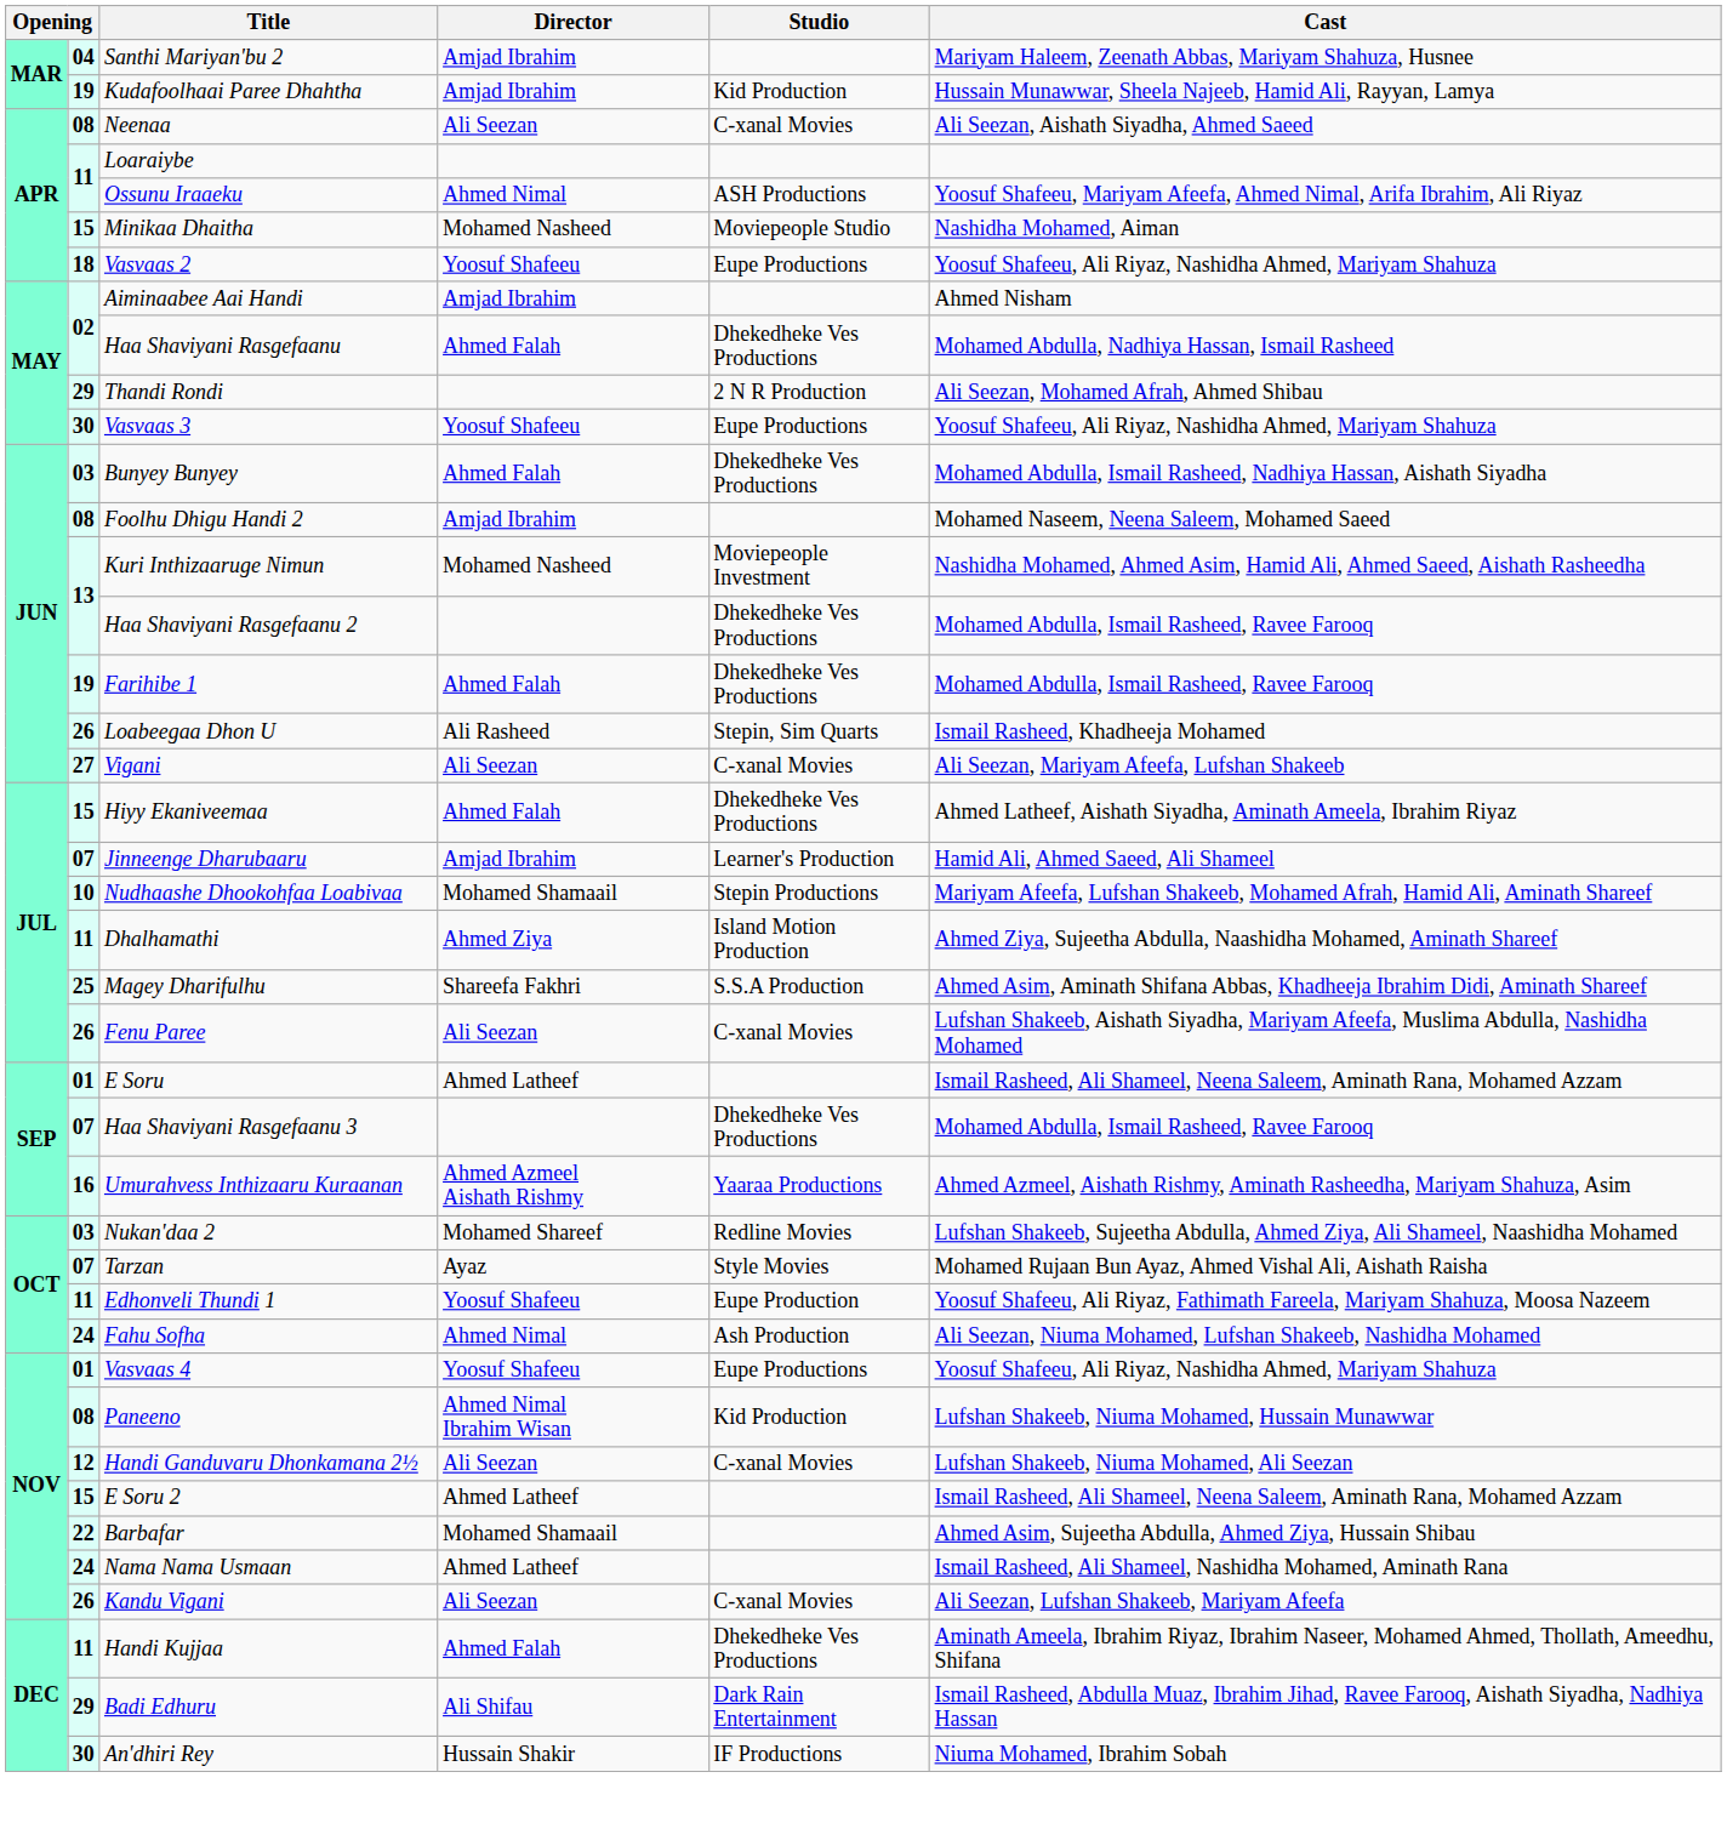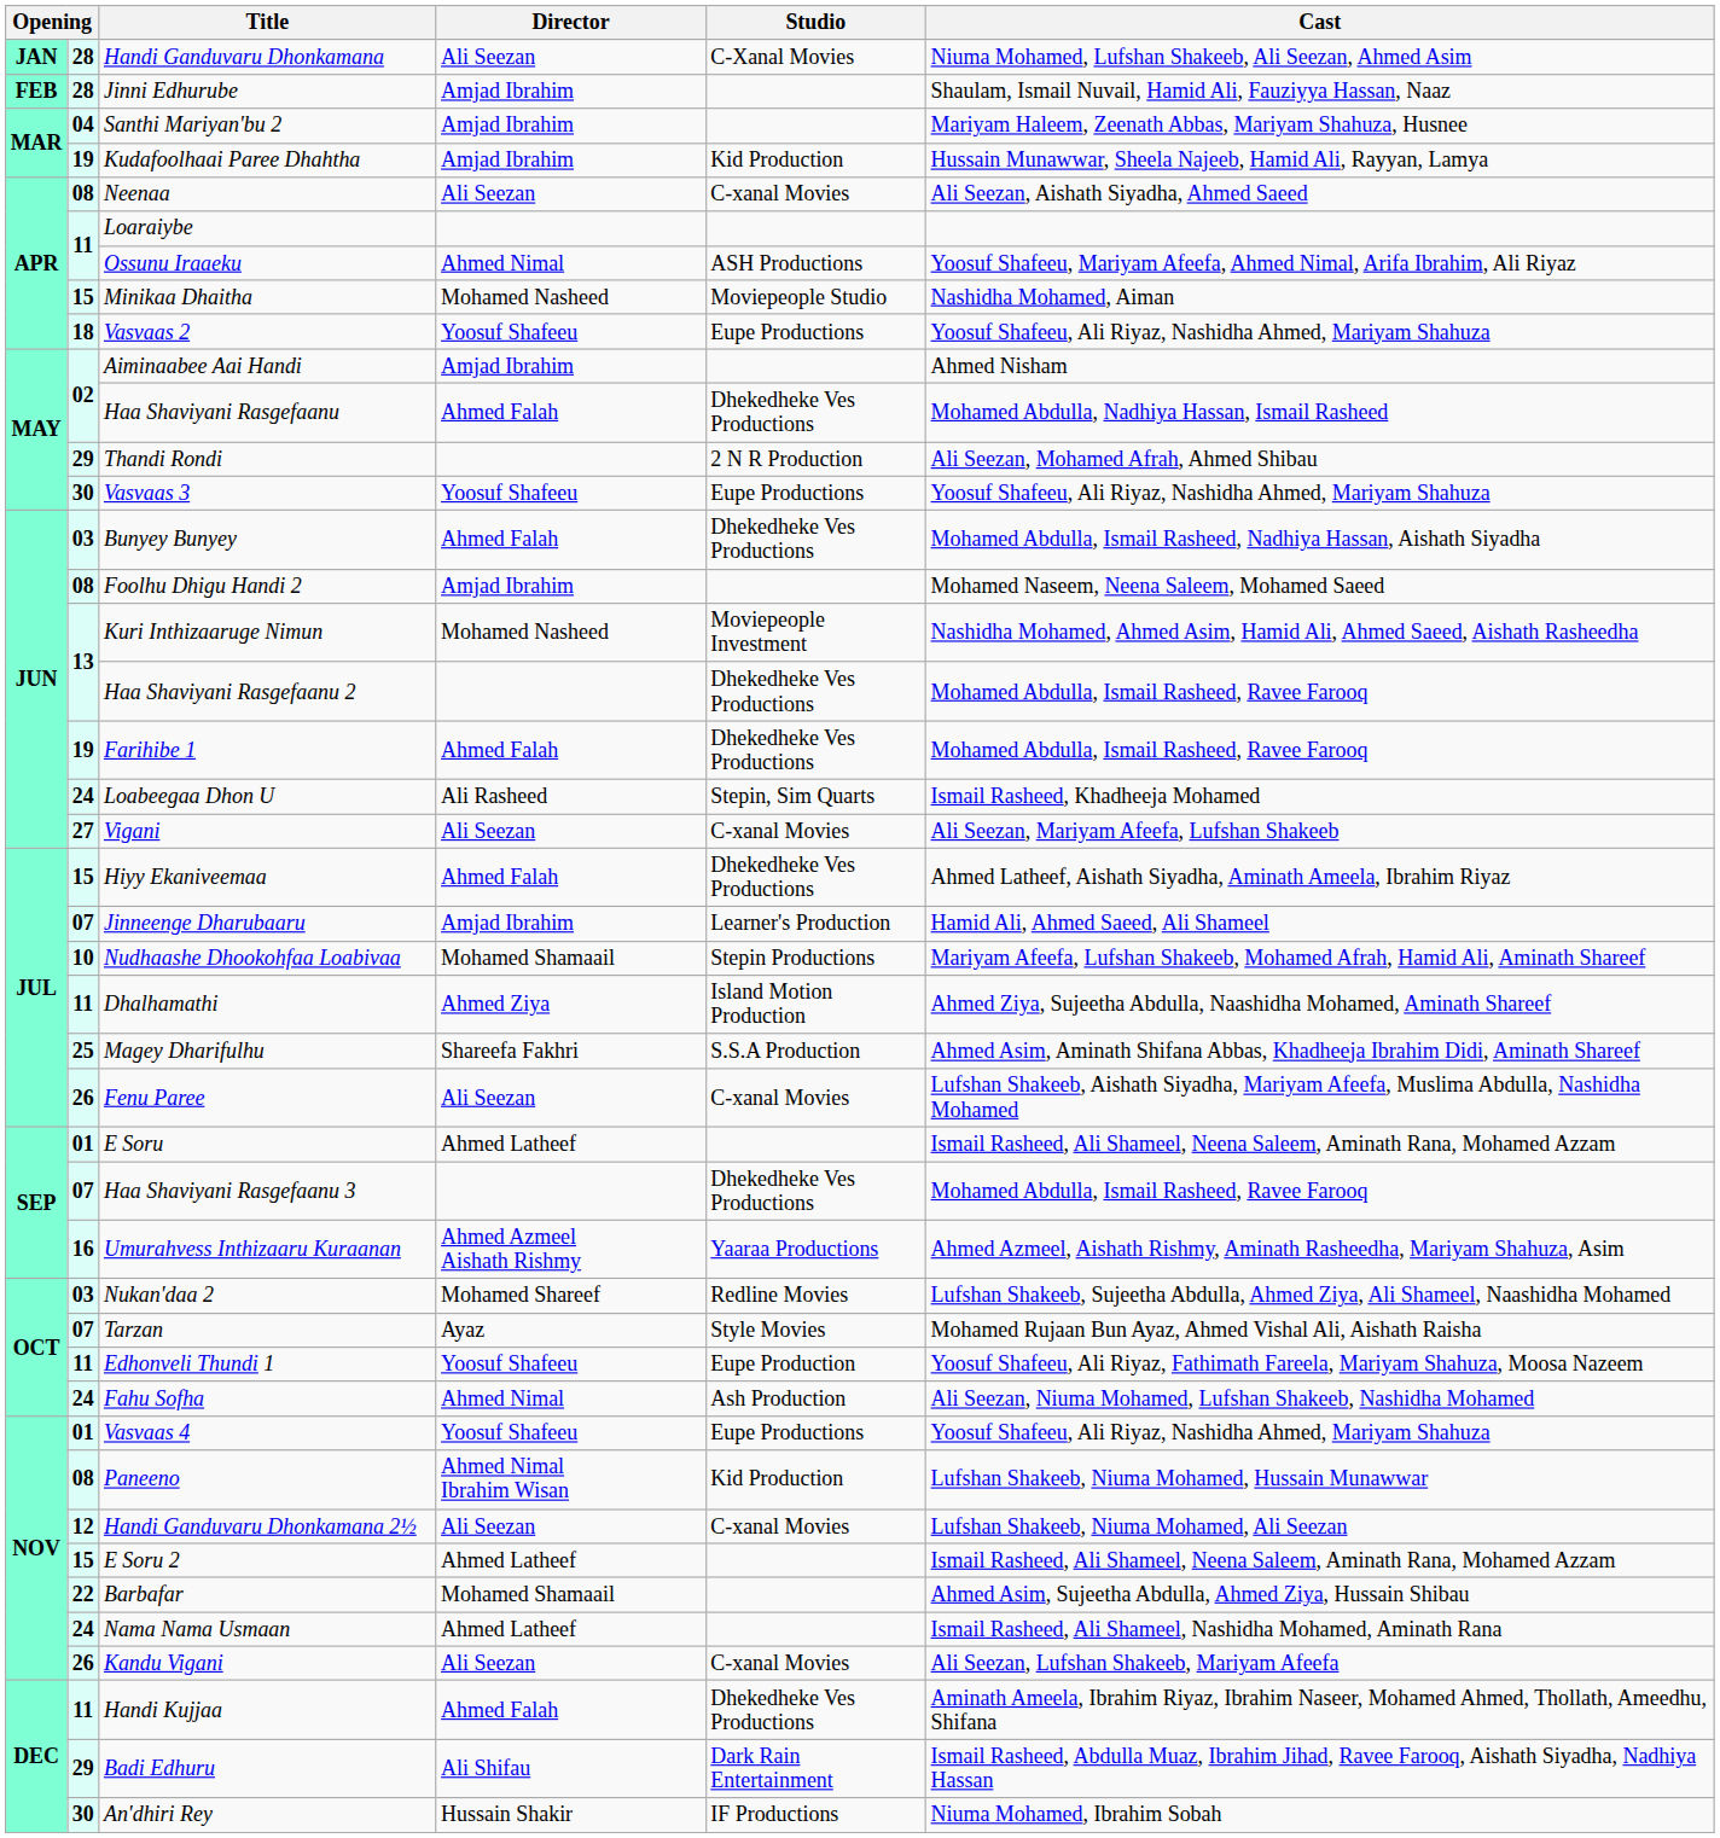 <table class="wikitable plainrowheaders" width="100%">
 <tr>
 <th scope="col" colspan="2" width=4%>Opening</th>
 <th scope="col" width=20%>Title</th>
 <th scope="col" width=16%>Director</th>
 <th scope="col" width=13%>Studio</th>
 <th scope="col" width=47%>Cast</th>
+</tr>
+<tr>
+<td style="text-align:center; background:#7FFFD4; textcolor:#000;"><strong>JAN</strong></td>
+<td style="text-align:center; background:#dbfff8;"><strong>28</strong></td>
+<td><em><a href='#'>Handi Ganduvaru Dhonkamana</a></em></td>
+<td><a href='#'>Ali Seezan</a></td>
+<td>C-Xanal Movies</td>
+<td><a href='#'>Niuma Mohamed</a>, <a href='#'>Lufshan Shakeeb</a>, <a href='#'>Ali Seezan</a>, <a href='#'>Ahmed Asim</a></td>
+</tr>
+<tr>
+<td style="text-align:center; background:#7FFFD4; textcolor:#000;"><strong>FEB</strong></td>
+<td style="text-align:center; background:#dbfff8;"><strong>28</strong></td>
+<td><em>Jinni Edhurube</em></td>
+<td><a href='#'>Amjad Ibrahim</a></td>
+<td></td>
+<td>Shaulam, Ismail Nuvail, <a href='#'>Hamid Ali</a>, <a href='#'>Fauziyya Hassan</a>, Naaz</td>
 </tr>
 <tr>
 <td style="text-align:center; background:#7FFFD4; textcolor:#000;" rowspan="2"><strong>MAR</strong></td>
 <td style="text-align:center; background:#dbfff8;"><strong>04</strong></td>
 <td><em>Santhi Mariyan'bu 2</em></td>
 <td><a href='#'>Amjad Ibrahim</a></td>
 <td></td>
 <td><a href='#'>Mariyam Haleem</a>, <a href='#'>Zeenath Abbas</a>, <a href='#'>Mariyam Shahuza</a>, Husnee</td>
 </tr>
 <tr>
 <td style="text-align:center; background:#dbfff8;"><strong>19</strong></td>
 <td><em>Kudafoolhaai Paree Dhahtha</em></td>
 <td><a href='#'>Amjad Ibrahim</a></td>
 <td>Kid Production</td>
 <td><a href='#'>Hussain Munawwar</a>, <a href='#'>Sheela Najeeb</a>, <a href='#'>Hamid Ali</a>, Rayyan, Lamya</td>
 </tr>
 <tr>
 <td style="text-align:center; background:#7FFFD4; textcolor:#000;" rowspan="5"><strong>APR</strong></td>
 <td style="text-align:center; background:#dbfff8;"><strong>08</strong></td>
 <td><em>Neenaa</em></td>
 <td><a href='#'>Ali Seezan</a></td>
 <td>C-xanal Movies</td>
 <td><a href='#'>Ali Seezan</a>, Aishath Siyadha, <a href='#'>Ahmed Saeed</a></td>
 </tr>
 <tr>
 <td style="text-align:center; background:#dbfff8;" rowspan="2"><strong>11</strong></td>
 <td><em>Loaraiybe</em></td>
 <td></td>
 <td></td>
 <td></td>
 </tr>
 <tr>
 <td><em><a href='#'>Ossunu Iraaeku</a></em></td>
 <td><a href='#'>Ahmed Nimal</a></td>
 <td>ASH Productions</td>
 <td><a href='#'>Yoosuf Shafeeu</a>, <a href='#'>Mariyam Afeefa</a>, <a href='#'>Ahmed Nimal</a>, <a href='#'>Arifa Ibrahim</a>, Ali Riyaz</td>
 </tr>
 <tr>
 <td style="text-align:center; background:#dbfff8;"><strong>15</strong></td>
 <td><em>Minikaa Dhaitha</em></td>
 <td>Mohamed Nasheed</td>
 <td>Moviepeople Studio</td>
 <td><a href='#'>Nashidha Mohamed</a>, Aiman</td>
 </tr>
 <tr>
 <td style="text-align:center; background:#dbfff8;"><strong>18</strong></td>
 <td><a href='#'><em>Vasvaas 2</em></a></td>
 <td><a href='#'>Yoosuf Shafeeu</a></td>
 <td>Eupe Productions</td>
 <td><a href='#'>Yoosuf Shafeeu</a>, Ali Riyaz, Nashidha Ahmed, <a href='#'>Mariyam Shahuza</a></td>
 </tr>
 <tr>
 <td style="text-align:center; background:#7FFFD4; textcolor:#000;" rowspan="4"><strong>MAY</strong></td>
 <td style="text-align:center; background:#dbfff8;" rowspan="2"><strong>02</strong></td>
 <td><em>Aiminaabee Aai Handi</em></td>
 <td><a href='#'>Amjad Ibrahim</a></td>
 <td></td>
 <td>Ahmed Nisham</td>
 </tr>
 <tr>
 <td><em>Haa Shaviyani Rasgefaanu</em></td>
 <td><a href='#'>Ahmed Falah</a></td>
 <td>Dhekedheke Ves Productions</td>
 <td><a href='#'>Mohamed Abdulla</a>, <a href='#'>Nadhiya Hassan</a>, <a href='#'>Ismail Rasheed</a></td>
 </tr>
 <tr>
 <td style="text-align:center; background:#dbfff8;"><strong>29</strong></td>
 <td><em>Thandi Rondi</em></td>
 <td></td>
 <td>2 N R Production</td>
 <td><a href='#'>Ali Seezan</a>, <a href='#'>Mohamed Afrah</a>, Ahmed Shibau</td>
 </tr>
 <tr>
 <td style="text-align:center; background:#dbfff8;"><strong>30</strong></td>
 <td><a href='#'><em>Vasvaas 3</em></a></td>
 <td><a href='#'>Yoosuf Shafeeu</a></td>
 <td>Eupe Productions</td>
 <td><a href='#'>Yoosuf Shafeeu</a>, Ali Riyaz, Nashidha Ahmed, <a href='#'>Mariyam Shahuza</a></td>
 </tr>
 <tr>
 <td rowspan="7" style="text-align:center; background:#7FFFD4; textcolor:#000;"><strong>JUN</strong></td>
 <td style="text-align:center; background:#dbfff8;"><strong>03</strong></td>
 <td><em>Bunyey Bunyey</em></td>
 <td><a href='#'>Ahmed Falah</a></td>
 <td>Dhekedheke Ves Productions</td>
 <td><a href='#'>Mohamed Abdulla</a>, <a href='#'>Ismail Rasheed</a>, <a href='#'>Nadhiya Hassan</a>, Aishath Siyadha</td>
 </tr>
 <tr>
 <td style="text-align:center; background:#dbfff8;"><strong>08</strong></td>
 <td><em>Foolhu Dhigu Handi 2</em></td>
 <td><a href='#'>Amjad Ibrahim</a></td>
 <td></td>
 <td>Mohamed Naseem, <a href='#'>Neena Saleem</a>, Mohamed Saeed</td>
 </tr>
 <tr>
 <td style="text-align:center; background:#dbfff8;" rowspan="2"><strong>13</strong></td>
 <td><em>Kuri Inthizaaruge Nimun</em></td>
 <td>Mohamed Nasheed</td>
 <td>Moviepeople Investment</td>
 <td><a href='#'>Nashidha Mohamed</a>, <a href='#'>Ahmed Asim</a>, <a href='#'>Hamid Ali</a>, <a href='#'>Ahmed Saeed</a>, <a href='#'>Aishath Rasheedha</a></td>
 </tr>
 <tr>
 <td><em>Haa Shaviyani Rasgefaanu 2</em></td>
 <td></td>
 <td>Dhekedheke Ves Productions</td>
 <td><a href='#'>Mohamed Abdulla</a>, <a href='#'>Ismail Rasheed</a>, <a href='#'>Ravee Farooq</a></td>
 </tr>
 <tr>
 <td style="text-align:center; background:#dbfff8;"><strong>19</strong></td>
 <td><em><a href='#'>Farihibe 1</a></em></td>
 <td><a href='#'>Ahmed Falah</a></td>
 <td>Dhekedheke Ves Productions</td>
 <td><a href='#'>Mohamed Abdulla</a>, <a href='#'>Ismail Rasheed</a>, <a href='#'>Ravee Farooq</a></td>
 </tr>
 <tr>
-<td style="text-align:center; background:#dbfff8;"><strong>26</strong></td>
+<td style="text-align:center; background:#dbfff8;"><strong>24</strong></td>
 <td><em>Loabeegaa Dhon U</em></td>
 <td>Ali Rasheed</td>
 <td>Stepin, Sim Quarts</td>
 <td><a href='#'>Ismail Rasheed</a>, Khadheeja Mohamed</td>
 </tr>
 <tr>
 <td style="text-align:center; background:#dbfff8;"><strong>27</strong></td>
 <td><em><a href='#'>Vigani</a></em></td>
 <td><a href='#'>Ali Seezan</a></td>
 <td>C-xanal Movies</td>
 <td><a href='#'>Ali Seezan</a>, <a href='#'>Mariyam Afeefa</a>, <a href='#'>Lufshan Shakeeb</a></td>
 </tr>
 <tr>
 <td style="text-align:center; background:#7FFFD4; textcolor:#000;" rowspan="6"><strong>JUL</strong></td>
 <td style="text-align:center; background:#dbfff8;"><strong>15</strong></td>
 <td><em>Hiyy Ekaniveemaa</em></td>
 <td><a href='#'>Ahmed Falah</a></td>
 <td>Dhekedheke Ves Productions</td>
 <td>Ahmed Latheef, Aishath Siyadha, <a href='#'>Aminath Ameela</a>, Ibrahim Riyaz</td>
 </tr>
 <tr>
 <td style="text-align:center; background:#dbfff8;"><strong>07</strong></td>
 <td><em><a href='#'>Jinneenge Dharubaaru</a></em></td>
 <td><a href='#'>Amjad Ibrahim</a></td>
 <td>Learner's Production</td>
 <td><a href='#'>Hamid Ali</a>, <a href='#'>Ahmed Saeed</a>, <a href='#'>Ali Shameel</a></td>
 </tr>
 <tr>
 <td style="text-align:center; background:#dbfff8;"><strong>10</strong></td>
 <td><em><a href='#'>Nudhaashe Dhookohfaa Loabivaa</a></em></td>
 <td>Mohamed Shamaail</td>
 <td>Stepin Productions</td>
 <td><a href='#'>Mariyam Afeefa</a>, <a href='#'>Lufshan Shakeeb</a>, <a href='#'>Mohamed Afrah</a>, <a href='#'>Hamid Ali</a>, <a href='#'>Aminath Shareef</a></td>
 </tr>
 <tr>
 <td style="text-align:center; background:#dbfff8;"><strong>11</strong></td>
 <td><em>Dhalhamathi</em></td>
 <td><a href='#'>Ahmed Ziya</a></td>
 <td>Island Motion Production</td>
 <td><a href='#'>Ahmed Ziya</a>, Sujeetha Abdulla, Naashidha Mohamed, <a href='#'>Aminath Shareef</a></td>
 </tr>
 <tr>
 <td style="text-align:center; background:#dbfff8;"><strong>25</strong></td>
 <td><em>Magey Dharifulhu</em></td>
 <td>Shareefa Fakhri</td>
 <td>S.S.A Production</td>
 <td><a href='#'>Ahmed Asim</a>, Aminath Shifana Abbas, <a href='#'>Khadheeja Ibrahim Didi</a>, <a href='#'>Aminath Shareef</a></td>
 </tr>
 <tr>
 <td style="text-align:center; background:#dbfff8;"><strong>26</strong></td>
 <td><em><a href='#'>Fenu Paree</a></em></td>
 <td><a href='#'>Ali Seezan</a></td>
 <td>C-xanal Movies</td>
 <td><a href='#'>Lufshan Shakeeb</a>, Aishath Siyadha, <a href='#'>Mariyam Afeefa</a>, Muslima Abdulla, <a href='#'>Nashidha Mohamed</a></td>
 </tr>
 <tr>
 <td rowspan="3" style="text-align:center; background:#7FFFD4; textcolor:#000;"><strong>SEP</strong></td>
 <td style="text-align:center; background:#dbfff8;"><strong>01</strong></td>
 <td><em>E Soru</em></td>
 <td>Ahmed Latheef</td>
 <td></td>
 <td><a href='#'>Ismail Rasheed</a>, <a href='#'>Ali Shameel</a>, <a href='#'>Neena Saleem</a>, Aminath Rana, Mohamed Azzam</td>
 </tr>
 <tr>
 <td style="text-align:center; background:#dbfff8;"><strong>07</strong></td>
 <td><em>Haa Shaviyani Rasgefaanu 3</em></td>
 <td></td>
 <td>Dhekedheke Ves Productions</td>
 <td><a href='#'>Mohamed Abdulla</a>, <a href='#'>Ismail Rasheed</a>, <a href='#'>Ravee Farooq</a></td>
 </tr>
 <tr>
 <td style="text-align:center; background:#dbfff8;"><strong>16</strong></td>
 <td><em><a href='#'>Umurahvess Inthizaaru Kuraanan</a></em></td>
 <td><a href='#'>Ahmed Azmeel</a><br><a href='#'>Aishath Rishmy</a></td>
 <td><a href='#'>Yaaraa Productions</a></td>
 <td><a href='#'>Ahmed Azmeel</a>, <a href='#'>Aishath Rishmy</a>, <a href='#'>Aminath Rasheedha</a>, <a href='#'>Mariyam Shahuza</a>, Asim</td>
 </tr>
 <tr>
 <td style="text-align:center; background:#7FFFD4; textcolor:#000;" rowspan="4"><strong>OCT</strong></td>
 <td style="text-align:center; background:#dbfff8;"><strong>03</strong></td>
 <td><em>Nukan'daa 2</em></td>
 <td>Mohamed Shareef</td>
 <td>Redline Movies</td>
 <td><a href='#'>Lufshan Shakeeb</a>, Sujeetha Abdulla, <a href='#'>Ahmed Ziya</a>, <a href='#'>Ali Shameel</a>, Naashidha Mohamed</td>
 </tr>
 <tr>
 <td style="text-align:center; background:#dbfff8;"><strong>07</strong></td>
 <td><em>Tarzan</em></td>
 <td>Ayaz</td>
 <td>Style Movies</td>
 <td>Mohamed Rujaan Bun Ayaz, Ahmed Vishal Ali, Aishath Raisha</td>
 </tr>
 <tr>
 <td style="text-align:center; background:#dbfff8;"><strong>11</strong></td>
 <td><em><a href='#'>Edhonveli Thundi</a> 1</em></td>
 <td><a href='#'>Yoosuf Shafeeu</a></td>
 <td>Eupe Production</td>
 <td><a href='#'>Yoosuf Shafeeu</a>, Ali Riyaz, <a href='#'>Fathimath Fareela</a>, <a href='#'>Mariyam Shahuza</a>, Moosa Nazeem</td>
 </tr>
 <tr>
 <td style="text-align:center; background:#dbfff8;"><strong>24</strong></td>
 <td><em><a href='#'>Fahu Sofha</a></em></td>
 <td><a href='#'>Ahmed Nimal</a></td>
 <td>Ash Production</td>
 <td><a href='#'>Ali Seezan</a>, <a href='#'>Niuma Mohamed</a>, <a href='#'>Lufshan Shakeeb</a>, <a href='#'>Nashidha Mohamed</a></td>
 </tr>
 <tr>
 <td style="text-align:center; background:#7FFFD4; textcolor:#000;" rowspan="7"><strong>NOV</strong></td>
 <td style="text-align:center; background:#dbfff8;"><strong>01</strong></td>
 <td><em><a href='#'>Vasvaas 4</a></em></td>
 <td><a href='#'>Yoosuf Shafeeu</a></td>
 <td>Eupe Productions</td>
 <td><a href='#'>Yoosuf Shafeeu</a>, Ali Riyaz, Nashidha Ahmed, <a href='#'>Mariyam Shahuza</a></td>
 </tr>
 <tr>
 <td style="text-align:center; background:#dbfff8;"><strong>08</strong></td>
 <td><em><a href='#'>Paneeno</a></em></td>
 <td><a href='#'>Ahmed Nimal</a><br><a href='#'>Ibrahim Wisan</a></td>
 <td>Kid Production</td>
 <td><a href='#'>Lufshan Shakeeb</a>, <a href='#'>Niuma Mohamed</a>, <a href='#'>Hussain Munawwar</a></td>
 </tr>
 <tr>
 <td style="text-align:center; background:#dbfff8;"><strong>12</strong></td>
 <td><em><a href='#'>Handi Ganduvaru Dhonkamana 2½</a></em></td>
 <td><a href='#'>Ali Seezan</a></td>
 <td>C-xanal Movies</td>
 <td><a href='#'>Lufshan Shakeeb</a>, <a href='#'>Niuma Mohamed</a>, <a href='#'>Ali Seezan</a></td>
 </tr>
 <tr>
 <td style="text-align:center; background:#dbfff8;"><strong>15</strong></td>
 <td><em>E Soru 2</em></td>
 <td>Ahmed Latheef</td>
 <td></td>
 <td><a href='#'>Ismail Rasheed</a>, <a href='#'>Ali Shameel</a>, <a href='#'>Neena Saleem</a>, Aminath Rana, Mohamed Azzam</td>
 </tr>
 <tr>
 <td style="text-align:center; background:#dbfff8;"><strong>22</strong></td>
 <td><em>Barbafar</em></td>
 <td>Mohamed Shamaail</td>
 <td></td>
 <td><a href='#'>Ahmed Asim</a>, Sujeetha Abdulla, <a href='#'>Ahmed Ziya</a>, Hussain Shibau</td>
 </tr>
 <tr>
 <td style="text-align:center; background:#dbfff8;"><strong>24</strong></td>
 <td><em>Nama Nama Usmaan</em></td>
 <td>Ahmed Latheef</td>
 <td></td>
 <td><a href='#'>Ismail Rasheed</a>, <a href='#'>Ali Shameel</a>, Nashidha Mohamed, Aminath Rana</td>
 </tr>
 <tr>
 <td style="text-align:center; background:#dbfff8;"><strong>26</strong></td>
 <td><em><a href='#'>Kandu Vigani</a></em></td>
 <td><a href='#'>Ali Seezan</a></td>
 <td>C-xanal Movies</td>
 <td><a href='#'>Ali Seezan</a>, <a href='#'>Lufshan Shakeeb</a>, <a href='#'>Mariyam Afeefa</a></td>
 </tr>
 <tr>
 <td rowspan="3" style="text-align:center; background:#7FFFD4; textcolor:#000;"><strong>DEC</strong></td>
 <td style="text-align:center; background:#dbfff8;"><strong>11</strong></td>
 <td><em>Handi Kujjaa</em></td>
 <td><a href='#'>Ahmed Falah</a></td>
 <td>Dhekedheke Ves Productions</td>
 <td><a href='#'>Aminath Ameela</a>, Ibrahim Riyaz, Ibrahim Naseer, Mohamed Ahmed, Thollath, Ameedhu, Shifana</td>
 </tr>
 <tr>
 <td style="text-align:center; background:#dbfff8;"><strong>29</strong></td>
 <td><em><a href='#'>Badi Edhuru</a></em></td>
 <td><a href='#'>Ali Shifau</a></td>
 <td><a href='#'>Dark Rain Entertainment</a></td>
 <td><a href='#'>Ismail Rasheed</a>, <a href='#'>Abdulla Muaz</a>, <a href='#'>Ibrahim Jihad</a>, <a href='#'>Ravee Farooq</a>, Aishath Siyadha, <a href='#'>Nadhiya Hassan</a></td>
 </tr>
 <tr>
 <td style="text-align:center; background:#dbfff8;"><strong>30</strong></td>
 <td><em>An'dhiri Rey</em></td>
 <td>Hussain Shakir</td>
 <td>IF Productions</td>
 <td><a href='#'>Niuma Mohamed</a>, Ibrahim Sobah</td>
 </tr>
 <tr>
 </tr>
 </table>
